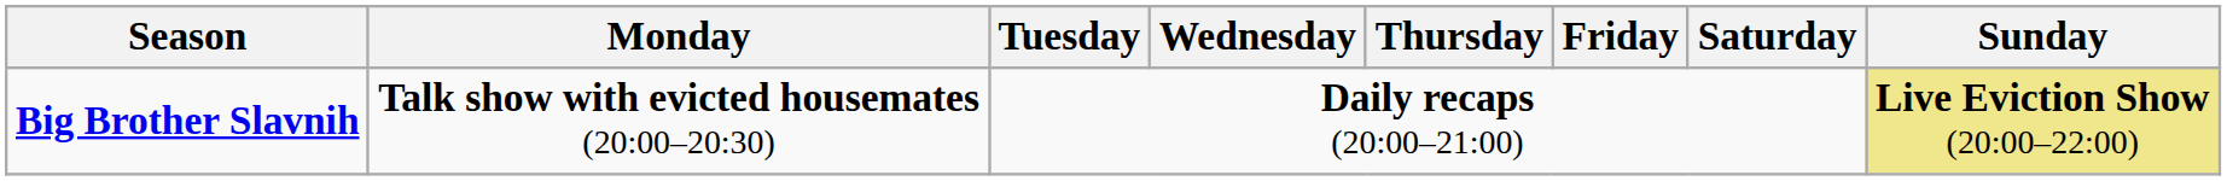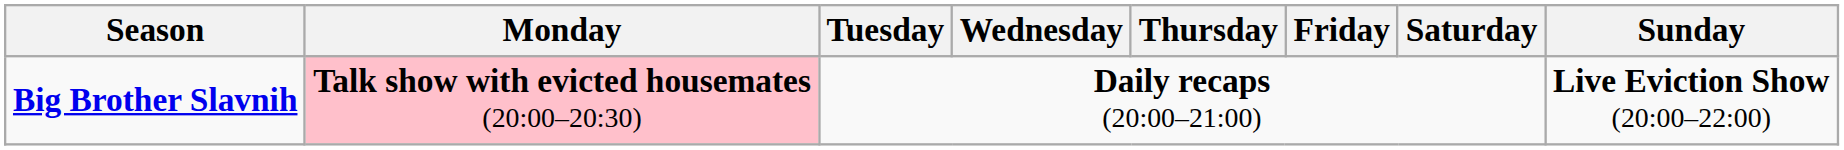 <table class="wikitable" style="text-align:center; font-size:90%; line-height:15px">
 <tr>
 <th>Season</th>
 <th>Monday</th>
 <th>Tuesday</th>
 <th>Wednesday</th>
 <th>Thursday</th>
 <th>Friday</th>
 <th>Saturday</th>
 <th>Sunday</th>
 </tr>
 <tr>
 <td><strong><a href='#'>Big Brother Slavnih</a></strong></td>
-<td><strong>Talk show with evicted housemates</strong><br><small>(20:00–20:30)</small></td>
+<td style="background: pink;"><strong>Talk show with evicted housemates</strong><br><small>(20:00–20:30)</small></td>
 <td colspan="5"><strong>Daily recaps</strong><br><small>(20:00–21:00)</small></td>
-<td style="background: khaki;"><strong>Live Eviction Show </strong><br><small>(20:00–22:00)</small></td>
+<td><strong>Live Eviction Show </strong><br><small>(20:00–22:00)</small></td>
 </tr>
 </table>
